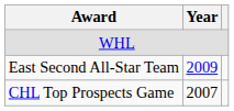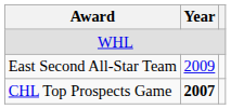 <table class="wikitable">
 <tr>
 <th>Award</th>
 <th>Year</th>
 <th></th>
 </tr>
 <tr ALIGN="center" bgcolor="#e0e0e0">
 <td colspan="3"><a href='#'>WHL</a></td>
 </tr>
 <tr>
 <td>East Second All-Star Team</td>
 <td><a href='#'>2009</a></td>
 <td></td>
 </tr>
 <tr>
 <td><a href='#'>CHL</a> Top Prospects Game</td>
-<td>2007</td>
+<td><strong>2007</strong></td>
 <td></td>
 </tr>
 </table>
